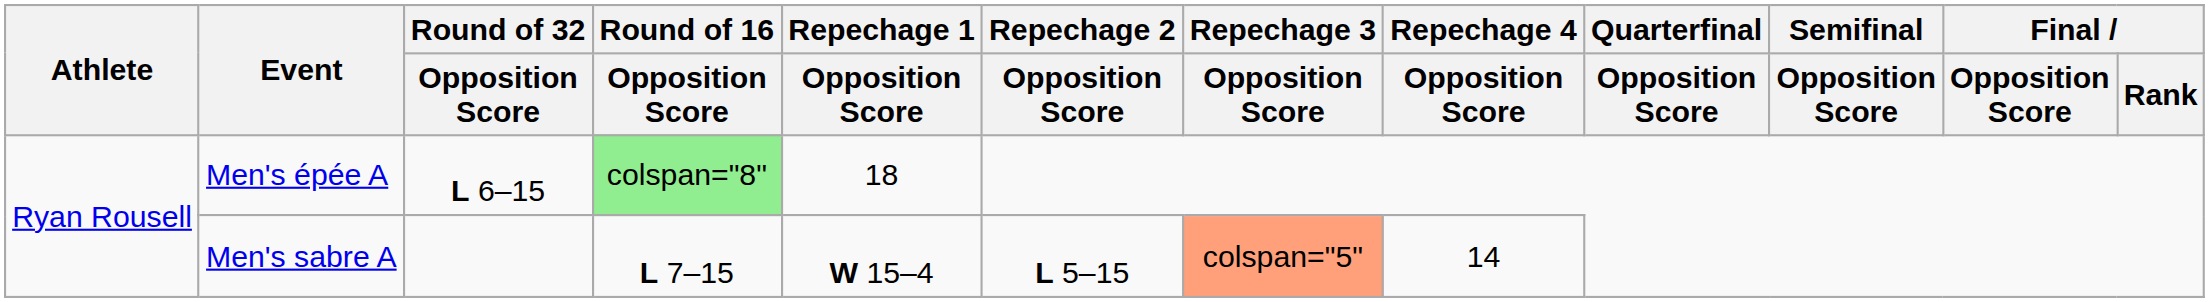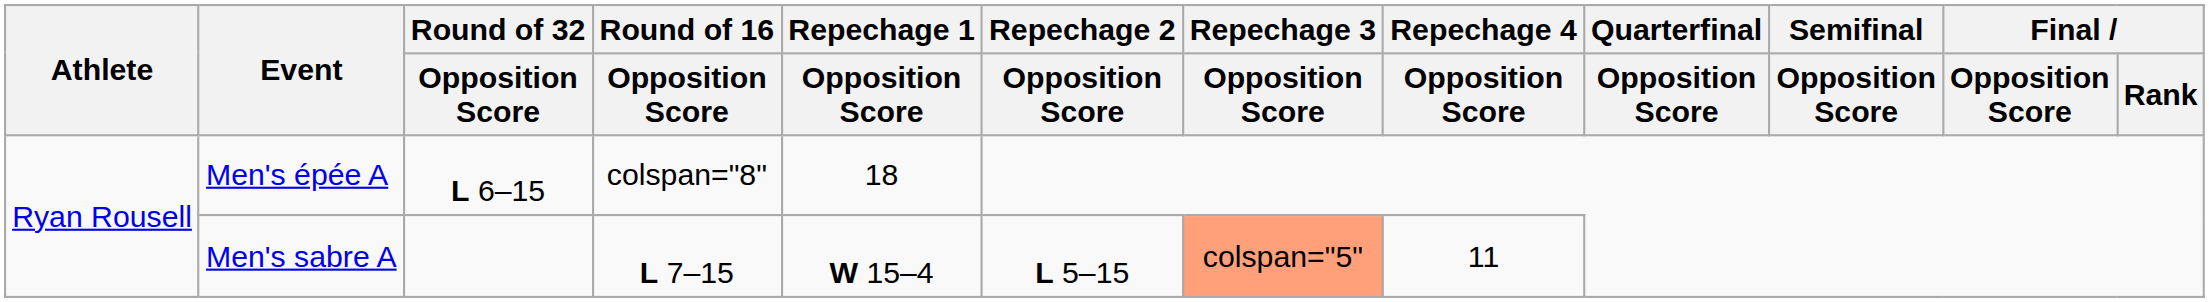 <table class=wikitable style="font-size:90%">
 <tr>
 <th rowspan="2">Athlete</th>
 <th rowspan="2">Event</th>
 <th>Round of 32</th>
 <th>Round of 16</th>
 <th>Repechage 1</th>
 <th>Repechage 2</th>
 <th>Repechage 3</th>
 <th>Repechage 4</th>
 <th>Quarterfinal</th>
 <th>Semifinal</th>
 <th colspan="2">Final / </th>
 </tr>
 <tr>
 <th>Opposition<br>Score</th>
 <th>Opposition<br>Score</th>
 <th>Opposition<br>Score</th>
 <th>Opposition<br>Score</th>
 <th>Opposition<br>Score</th>
 <th>Opposition<br>Score</th>
 <th>Opposition<br>Score</th>
 <th>Opposition<br>Score</th>
 <th>Opposition<br>Score</th>
 <th>Rank</th>
 </tr>
 <tr align=center>
 <td align=left rowspan=2><a href='#'>Ryan Rousell</a></td>
 <td align=left><a href='#'>Men's épée A</a></td>
 <td><br><strong>L</strong> 6–15</td>
-<td style="background: lightgreen;">colspan="8" </td>
+<td>colspan="8" </td>
 <td>18</td>
 </tr>
 <tr align=center>
 <td align=left><a href='#'>Men's sabre A</a></td>
 <td></td>
 <td><br><strong>L</strong> 7–15</td>
 <td><br><strong>W</strong> 15–4</td>
 <td><br><strong>L</strong> 5–15</td>
 <td style="background: lightsalmon;">colspan="5" </td>
-<td>14</td>
+<td>11</td>
 </tr>
 </table>
